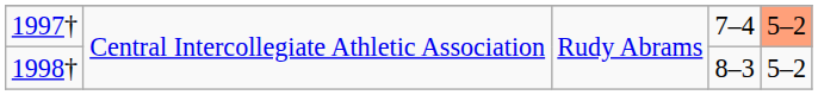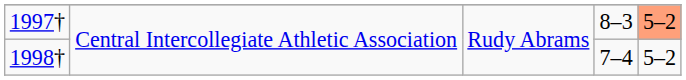 <table class="wikitable">
 <tr>
 </tr>
 <tr>
 <td><a href='#'>1997</a>†</td>
 <td rowspan="2"><a href='#'>Central Intercollegiate Athletic Association</a></td>
 <td rowspan="2"><a href='#'>Rudy Abrams</a></td>
-<td>7–4</td>
+<td>8–3</td>
 <td style="background: lightsalmon;">5–2</td>
 </tr>
 <tr>
 <td><a href='#'>1998</a>†</td>
-<td>8–3</td>
+<td>7–4</td>
 <td>5–2</td>
 </tr>
 </table>
